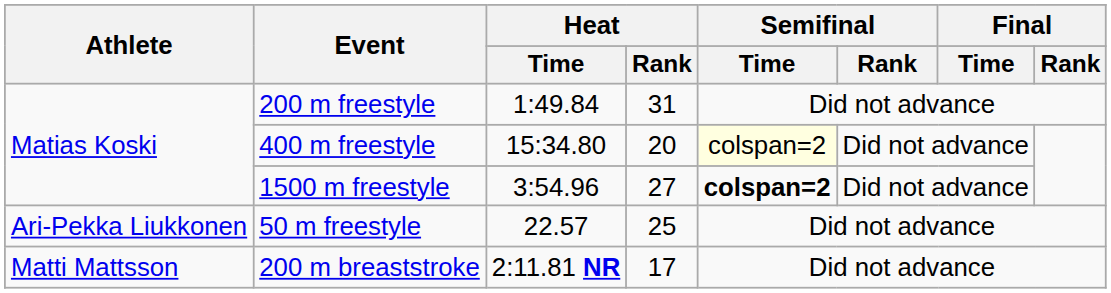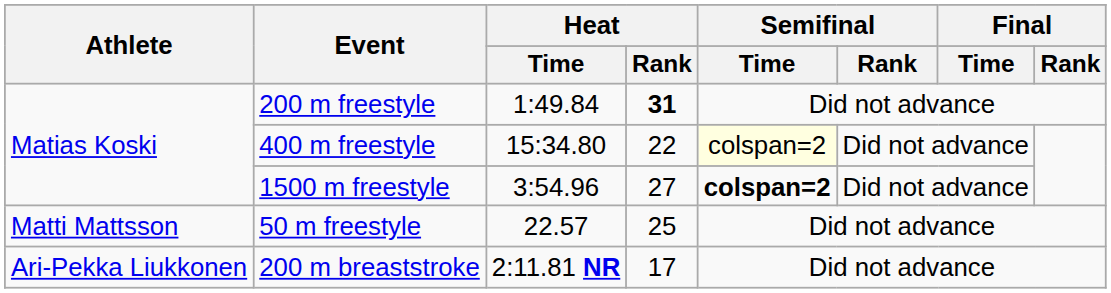 <table class=wikitable style="font-size:90%">
 <tr>
 <th rowspan="2">Athlete</th>
 <th rowspan="2">Event</th>
 <th colspan="2">Heat</th>
 <th colspan="2">Semifinal</th>
 <th colspan="2">Final</th>
 </tr>
 <tr style="font-size:95%">
 <th>Time</th>
 <th>Rank</th>
 <th>Time</th>
 <th>Rank</th>
 <th>Time</th>
 <th>Rank</th>
 </tr>
 <tr align=center>
 <td align=left rowspan=3><a href='#'>Matias Koski</a></td>
 <td align=left><a href='#'>200 m freestyle</a></td>
 <td>1:49.84</td>
-<td>31</td>
+<td><strong>31</strong></td>
 <td colspan=4>Did not advance</td>
 </tr>
 <tr align=center>
 <td align=left><a href='#'>400 m freestyle</a></td>
 <td>15:34.80</td>
-<td>20</td>
+<td>22</td>
 <td style="background: lightyellow;">colspan=2 </td>
 <td colspan=2>Did not advance</td>
 </tr>
 <tr align=center>
 <td align=left><a href='#'>1500 m freestyle</a></td>
 <td>3:54.96</td>
 <td>27</td>
 <td><strong>colspan=2 </strong></td>
 <td colspan=2>Did not advance</td>
 </tr>
 <tr align=center>
-<td align=left><a href='#'>Ari-Pekka Liukkonen</a></td>
+<td align=left><a href='#'>Matti Mattsson</a></td>
 <td align=left><a href='#'>50 m freestyle</a></td>
 <td>22.57</td>
 <td>25</td>
 <td colspan=4>Did not advance</td>
 </tr>
 <tr align=center>
-<td align=left><a href='#'>Matti Mattsson</a></td>
+<td align=left><a href='#'>Ari-Pekka Liukkonen</a></td>
 <td align=left><a href='#'>200 m breaststroke</a></td>
 <td>2:11.81 <strong><a href='#'>NR</a></strong></td>
 <td>17</td>
 <td colspan=4>Did not advance</td>
 </tr>
 </table>
